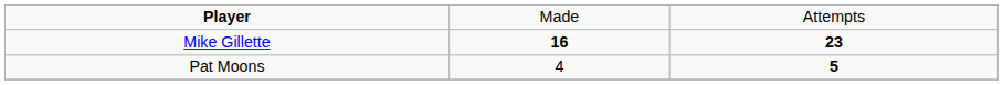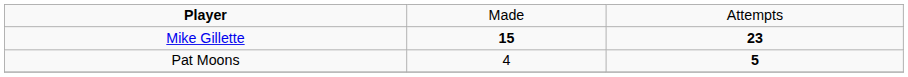 <table class="wikitable" width="80%">
 <tr align="center">
 <td><strong>Player</strong></td>
 <td>Made</td>
 <td>Attempts</td>
 </tr>
 <tr align="center" bgcolor="">
 <td><a href='#'>Mike Gillette</a></td>
-<td><strong>16</strong></td>
+<td><strong>15</strong></td>
 <td><strong>23</strong></td>
 </tr>
 <tr align="center" bgcolor="">
 <td>Pat Moons</td>
 <td>4</td>
 <td><strong>5</strong></td>
 </tr>
 <tr align="center" bgcolor="">
 </tr>
 </table>
